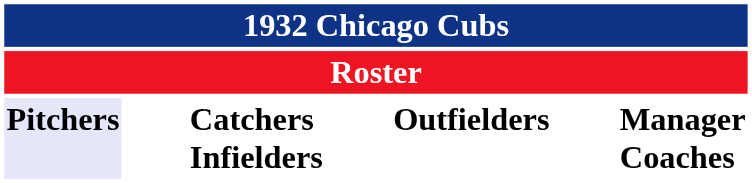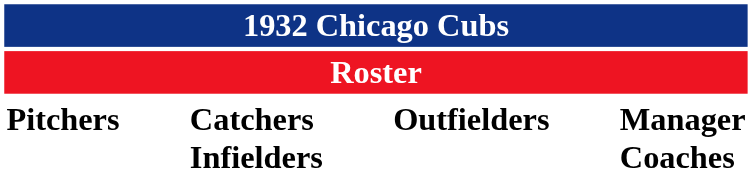 <table class="toccolours" style="font-size: 95%;">
 <tr>
 <th colspan="10" style="background:#0e3386; color:white; text-align:center;">1932 Chicago Cubs</th>
 </tr>
 <tr>
 <td colspan="10" style="background:#ee1422; color:white; text-align:center;"><strong>Roster</strong></td>
 </tr>
 <tr>
-<td valign="top" style="background: lavender;"><strong>Pitchers</strong><br>           </td>
+<td valign="top"><strong>Pitchers</strong><br>           </td>
 <td style="width:25px;"></td>
 <td valign="top"><strong>Catchers</strong><br>   <strong>Infielders</strong>       </td>
 <td style="width:25px;"></td>
 <td valign="top"><strong>Outfielders</strong><br>        </td>
 <td style="width:25px;"></td>
 <td valign="top"><strong>Manager</strong><br>  <strong>Coaches</strong>  </td>
 </tr>
 </table>
